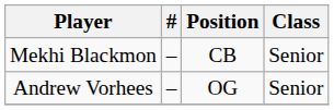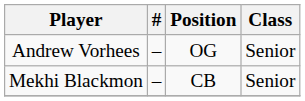 <table class="wikitable sortable" style="text-align:center">
 <tr>
 <th>Player</th>
 <th>#</th>
 <th>Position</th>
 <th>Class</th>
 </tr>
 <tr>
+<td>Andrew Vorhees</td>
+<td>–</td>
+<td>OG</td>
+<td> Senior</td>
+</tr>
+<tr>
 <td>Mekhi Blackmon</td>
 <td>–</td>
 <td>CB</td>
 <td> Senior</td>
 </tr>
 <tr>
-<td>Andrew Vorhees</td>
-<td>–</td>
-<td>OG</td>
-<td> Senior</td>
-</tr>
-<tr>
 </tr>
 </table>
